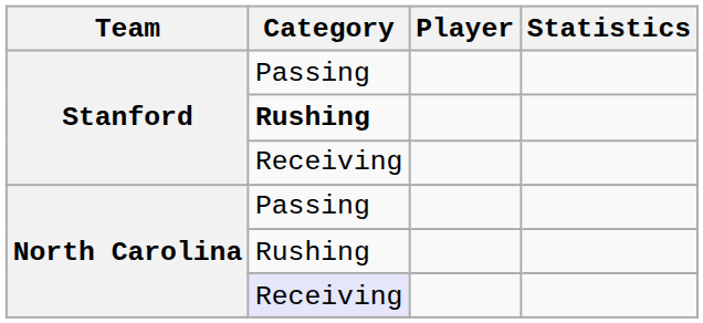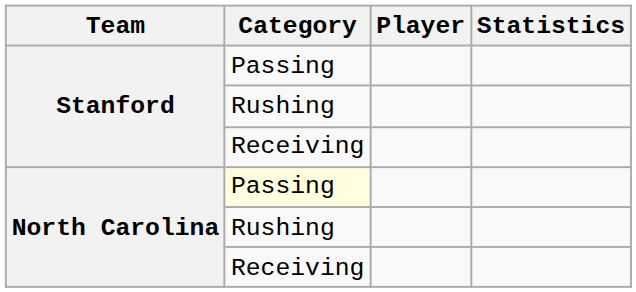 <table class="wikitable" style="float:right">
 <tr>
 <th>Team</th>
 <th>Category</th>
 <th>Player</th>
 <th>Statistics</th>
 </tr>
 <tr>
 <th rowspan=3>Stanford</th>
 <td>Passing</td>
 <td></td>
 <td></td>
 </tr>
 <tr>
-<td><strong>Rushing</strong></td>
+<td>Rushing</td>
 <td></td>
 <td></td>
 </tr>
 <tr>
 <td>Receiving</td>
 <td></td>
 <td></td>
 </tr>
 <tr>
 <th rowspan=3>North Carolina</th>
-<td>Passing</td>
+<td style="background: lightyellow;">Passing</td>
 <td></td>
 <td></td>
 </tr>
 <tr>
 <td>Rushing</td>
 <td></td>
 <td></td>
 </tr>
 <tr>
-<td style="background: lavender;">Receiving</td>
+<td>Receiving</td>
 <td></td>
 <td></td>
 </tr>
 </table>
